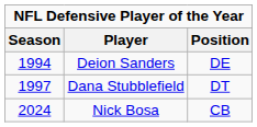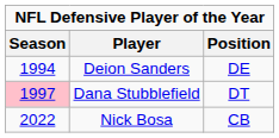 <table class="wikitable sortable" style="text-align:center">
 <tr>
 <td colspan="3"><strong>NFL Defensive Player of the Year</strong></td>
 </tr>
 <tr>
 <th>Season</th>
 <th>Player</th>
 <th>Position</th>
 </tr>
 <tr>
 <td><a href='#'>1994</a></td>
 <td><a href='#'>Deion Sanders</a></td>
 <td><a href='#'>DE</a></td>
 </tr>
 <tr>
-<td><a href='#'>1997</a></td>
+<td style="background: pink;"><a href='#'>1997</a></td>
 <td><a href='#'>Dana Stubblefield</a></td>
 <td><a href='#'>DT</a></td>
 </tr>
 <tr>
-<td><a href='#'>2024</a></td>
+<td><a href='#'>2022</a></td>
 <td><a href='#'>Nick Bosa</a></td>
 <td><a href='#'>CB</a></td>
 </tr>
 </table>
